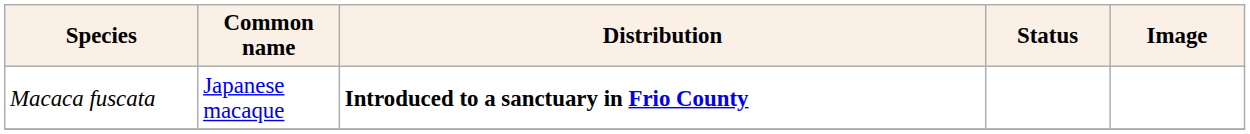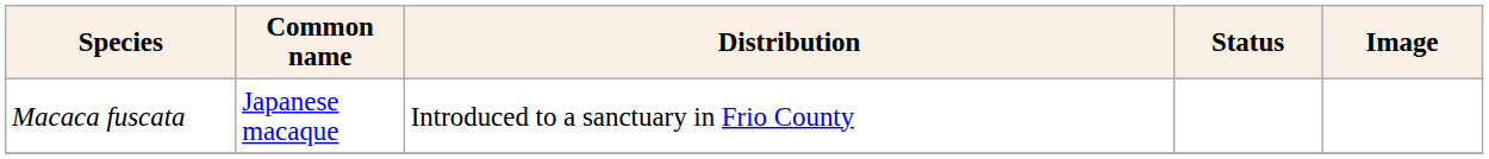 <table class="sortable wikitable plainrowheaders" border="0" style="background:#ffffff" align="top" class="sortable wikitable">
 <tr ->
 <th scope="col" style="background-color:Linen; color:Black" width=150 px>Species</th>
 <th scope="col" style="background-color:Linen; color:Black" width=100 px>Common name</th>
 <th scope="col" style="background:Linen; color:Black" width=550 px>Distribution</th>
 <th scope="col" style="background-color:Linen; color:Black" width=90 px>Status</th>
 <th scope="col" style="background:Linen; color:Black" width=100 px>Image</th>
 </tr>
 <tr>
 <td !scope="row" style="background:#ffffff"><em>Macaca fuscata</em></td>
 <td><a href='#'>Japanese macaque</a></td>
-<td><strong>Introduced to a sanctuary in <a href='#'>Frio County</a></strong></td>
+<td>Introduced to a sanctuary in <a href='#'>Frio County</a></td>
 <td></td>
 <td></td>
 </tr>
 <tr>
 </tr>
 </table>
